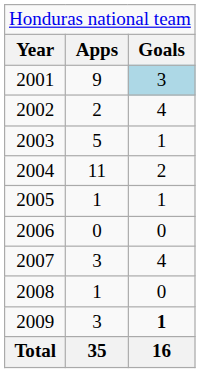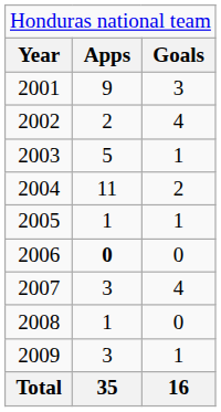 <table class="wikitable" style="text-align:center">
 <tr>
 <td colspan=3><a href='#'>Honduras national team</a></td>
 </tr>
 <tr>
 <th>Year</th>
 <th>Apps</th>
 <th>Goals</th>
 </tr>
 <tr>
 <td>2001</td>
 <td>9</td>
-<td style="background: lightblue;">3</td>
+<td>3</td>
 </tr>
 <tr>
 <td>2002</td>
 <td>2</td>
 <td>4</td>
 </tr>
 <tr>
 <td>2003</td>
 <td>5</td>
 <td>1</td>
 </tr>
 <tr>
 <td>2004</td>
 <td>11</td>
 <td>2</td>
 </tr>
 <tr>
 <td>2005</td>
 <td>1</td>
 <td>1</td>
 </tr>
 <tr>
 <td>2006</td>
-<td>0</td>
+<td><strong>0</strong></td>
 <td>0</td>
 </tr>
 <tr>
 <td>2007</td>
 <td>3</td>
 <td>4</td>
 </tr>
 <tr>
 <td>2008</td>
 <td>1</td>
 <td>0</td>
 </tr>
 <tr>
 <td>2009</td>
 <td>3</td>
-<td><strong>1</strong></td>
+<td>1</td>
 </tr>
 <tr>
 <th>Total</th>
 <th>35</th>
 <th>16</th>
 </tr>
 </table>
